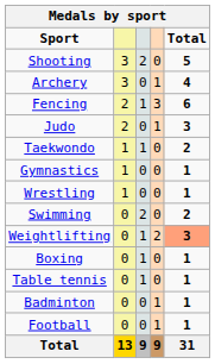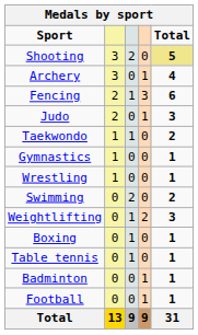 <table class="wikitable" style="font-size:90%">
 <tr style="background:#efefef;">
 <th colspan=5>Medals by sport</th>
 </tr>
 <tr align=center>
 <td><strong>Sport</strong></td>
 <td bgcolor=#f7f6a8></td>
 <td bgcolor=#dce5e5></td>
 <td bgcolor=#ffdab9></td>
 <td><strong>Total</strong></td>
 </tr>
 <tr align=center>
 <td><a href='#'>Shooting</a></td>
 <td style="background:#F7F6A8;">3</td>
 <td style="background:#DCE5E5;">2</td>
 <td style="background:#FFDAB9;">0</td>
-<td><strong>5</strong></td>
+<td style="background: khaki;"><strong>5</strong></td>
 </tr>
 <tr align=center>
 <td><a href='#'>Archery</a></td>
 <td style="background:#F7F6A8;">3</td>
 <td style="background:#DCE5E5;">0</td>
 <td style="background:#FFDAB9;">1</td>
 <td><strong>4</strong></td>
 </tr>
 <tr align=center>
 <td><a href='#'>Fencing</a></td>
 <td style="background:#F7F6A8;">2</td>
 <td style="background:#DCE5E5;">1</td>
 <td style="background:#FFDAB9;">3</td>
 <td><strong>6</strong></td>
 </tr>
 <tr align=center>
 <td><a href='#'>Judo</a></td>
 <td style="background:#F7F6A8;">2</td>
 <td style="background:#DCE5E5;">0</td>
 <td style="background:#FFDAB9;">1</td>
 <td><strong>3</strong></td>
 </tr>
 <tr align=center>
 <td><a href='#'>Taekwondo</a></td>
 <td style="background:#F7F6A8;">1</td>
 <td style="background:#DCE5E5;">1</td>
 <td style="background:#FFDAB9;">0</td>
 <td><strong>2</strong></td>
 </tr>
 <tr align=center>
 <td><a href='#'>Gymnastics</a></td>
 <td style="background:#F7F6A8;">1</td>
 <td style="background:#DCE5E5;">0</td>
 <td style="background:#FFDAB9;">0</td>
 <td><strong>1</strong></td>
 </tr>
 <tr align=center>
 <td><a href='#'>Wrestling</a></td>
 <td style="background:#F7F6A8;">1</td>
 <td style="background:#DCE5E5;">0</td>
 <td style="background:#FFDAB9;">0</td>
 <td><strong>1</strong></td>
 </tr>
 <tr align=center>
 <td><a href='#'>Swimming</a></td>
 <td style="background:#F7F6A8;">0</td>
 <td style="background:#DCE5E5;">2</td>
 <td style="background:#FFDAB9;">0</td>
 <td><strong>2</strong></td>
 </tr>
 <tr align=center>
 <td><a href='#'>Weightlifting</a></td>
 <td style="background:#F7F6A8;">0</td>
 <td style="background:#DCE5E5;">1</td>
 <td style="background:#FFDAB9;">2</td>
-<td style="background: lightsalmon;"><strong>3</strong></td>
+<td><strong>3</strong></td>
 </tr>
 <tr align=center>
 <td><a href='#'>Boxing</a></td>
 <td style="background:#F7F6A8;">0</td>
 <td style="background:#DCE5E5;">1</td>
 <td style="background:#FFDAB9;">0</td>
 <td><strong>1</strong></td>
 </tr>
 <tr align=center>
 <td><a href='#'>Table tennis</a></td>
 <td style="background:#F7F6A8;">0</td>
 <td style="background:#DCE5E5;">1</td>
 <td style="background:#FFDAB9;">0</td>
 <td><strong>1</strong></td>
 </tr>
 <tr align=center>
 <td><a href='#'>Badminton</a></td>
 <td style="background:#F7F6A8;">0</td>
 <td style="background:#DCE5E5;">0</td>
 <td style="background:#FFDAB9;">1</td>
 <td><strong>1</strong></td>
 </tr>
 <tr align=center>
 <td><a href='#'>Football</a></td>
 <td style="background:#F7F6A8;">0</td>
 <td style="background:#DCE5E5;">0</td>
 <td style="background:#FFDAB9;">1</td>
 <td><strong>1</strong></td>
 </tr>
 <tr align=center>
 <th>Total</th>
 <th style="background:gold;">13</th>
 <th style="background:silver;">9</th>
 <th style="background:#c96;">9</th>
 <th>31</th>
 </tr>
 </table>
